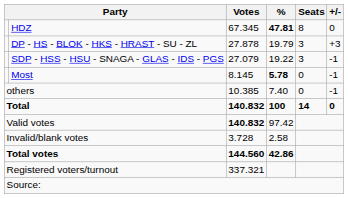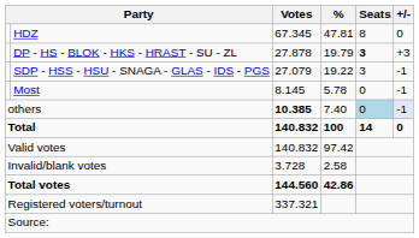 <table class="wikitable" style="text-align: left;">
 <tr>
 <th colspan="2">Party</th>
 <th>Votes</th>
 <th>%</th>
 <th>Seats</th>
 <th>+/-</th>
 </tr>
 <tr>
 <td style="background-color: "></td>
 <td><a href='#'>HDZ</a></td>
 <td>67.345</td>
-<td><strong>47.81</strong></td>
+<td>47.81</td>
 <td>8</td>
 <td>0</td>
 </tr>
 <tr>
 <td style="background-color: "></td>
 <td><a href='#'>DP</a> - <a href='#'>HS</a> - <a href='#'>BLOK</a> - <a href='#'>HKS</a> - <a href='#'>HRAST</a> - SU - ZL</td>
 <td>27.878</td>
 <td>19.79</td>
-<td>3</td>
+<td><strong>3</strong></td>
 <td>+3</td>
 </tr>
 <tr>
 <td style="background-color: "></td>
 <td><a href='#'>SDP</a> - <a href='#'>HSS</a> - <a href='#'>HSU</a> - SNAGA - <a href='#'>GLAS</a> - <a href='#'>IDS</a> - <a href='#'>PGS</a></td>
 <td>27.079</td>
 <td>19.22</td>
 <td>3</td>
 <td>-1</td>
 </tr>
 <tr>
 <td style="background-color: "></td>
 <td><a href='#'>Most</a></td>
 <td>8.145</td>
-<td><strong>5.78</strong></td>
+<td>5.78</td>
 <td>0</td>
 <td>-1</td>
 </tr>
 <tr>
 <td colspan="2">others</td>
-<td>10.385</td>
+<td><strong>10.385</strong></td>
 <td>7.40</td>
-<td>0</td>
-<td>-1</td>
+<td style="background: lightblue;">0</td>
+<td style="background: lavender;">-1</td>
 </tr>
 <tr>
 <td colspan="2"><strong>Total</strong></td>
 <td><strong>140.832</strong></td>
 <td><strong>100</strong></td>
 <td><strong>14</strong></td>
 <td><strong>0</strong></td>
 </tr>
 <tr>
 <td colspan="2">Valid votes</td>
-<td><strong>140.832</strong></td>
+<td>140.832</td>
 <td>97.42</td>
 <td colspan="2"></td>
 </tr>
 <tr>
 <td colspan="2">Invalid/blank votes</td>
 <td>3.728</td>
 <td>2.58</td>
 <td colspan="2"></td>
 </tr>
 <tr>
 <td colspan="2"><strong>Total votes</strong></td>
 <td><strong>144.560</strong></td>
 <td><strong>42.86</strong></td>
 <td colspan="2"></td>
 </tr>
 <tr>
 <td colspan="2">Registered voters/turnout</td>
 <td votes14="5343">337.321</td>
 <td></td>
 <td colspan="2"></td>
 </tr>
 <tr>
 <td colspan="6">Source: </td>
 </tr>
 </table>
